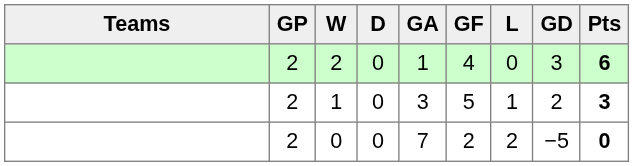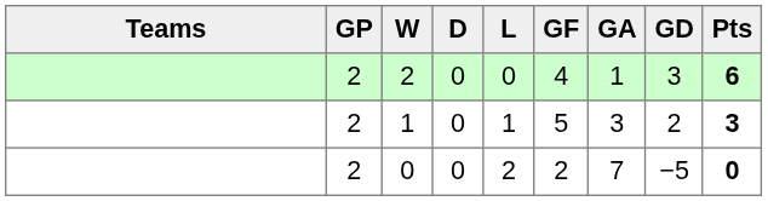 <table style=border-collapse:collapse border=1 cellspacing=0 cellpadding=5>
 <tr align=center bgcolor=#efefef>
 <th width=185>Teams</th>
 <th width=20>GP</th>
 <th width=20>W</th>
 <th width=20>D</th>
+<th width=20>L</th>
+<th width=20>GF</th>
 <th width=20>GA</th>
-<th width=20>GF</th>
-<th width=20>L</th>
 <th width=20>GD</th>
 <th width=20>Pts</th>
 </tr>
 <tr align=center style="background:#ccffcc;">
 <td style="text-align:left;"></td>
 <td>2</td>
 <td>2</td>
 <td>0</td>
+<td>0</td>
+<td>4</td>
 <td>1</td>
-<td>4</td>
-<td>0</td>
 <td>3</td>
 <td><strong>6</strong></td>
 </tr>
 <tr align=center>
 <td style="text-align:left;"></td>
 <td>2</td>
 <td>1</td>
 <td>0</td>
+<td>1</td>
+<td>5</td>
 <td>3</td>
-<td>5</td>
-<td>1</td>
 <td>2</td>
 <td><strong>3</strong></td>
 </tr>
 <tr align=center>
 <td style="text-align:left;"></td>
 <td>2</td>
 <td>0</td>
 <td>0</td>
-<td>7</td>
 <td>2</td>
 <td>2</td>
+<td>7</td>
 <td>−5</td>
 <td><strong>0</strong></td>
 </tr>
 </table>
